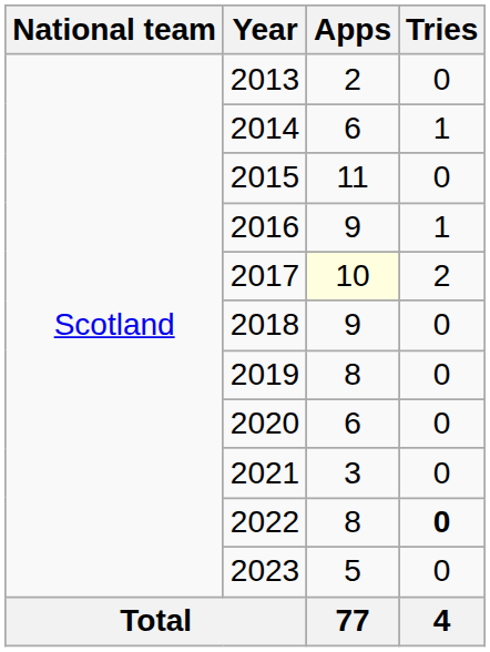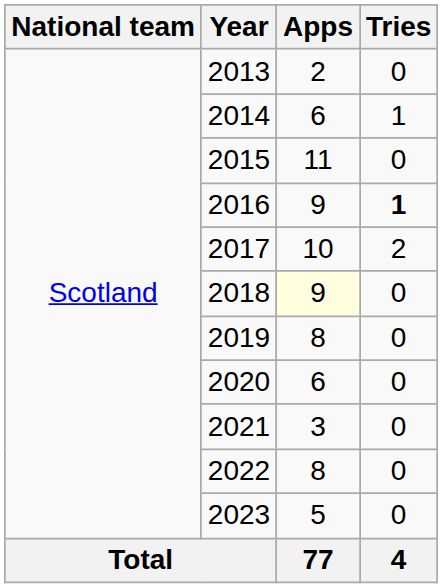 <table class=wikitable style="text-align:center">
 <tr>
 <th>National team</th>
 <th>Year</th>
 <th>Apps</th>
 <th>Tries</th>
 </tr>
 <tr>
 <td rowspan="11"><a href='#'>Scotland</a></td>
 <td>2013</td>
 <td>2</td>
 <td>0</td>
 </tr>
 <tr>
 <td>2014</td>
 <td>6</td>
 <td>1</td>
 </tr>
 <tr>
 <td>2015</td>
 <td>11</td>
 <td>0</td>
 </tr>
 <tr>
 <td>2016</td>
 <td>9</td>
-<td>1</td>
+<td><strong>1</strong></td>
 </tr>
 <tr>
 <td>2017</td>
-<td style="background: lightyellow;">10</td>
+<td>10</td>
 <td>2</td>
 </tr>
 <tr>
 <td>2018</td>
-<td>9</td>
+<td style="background: lightyellow;">9</td>
 <td>0</td>
 </tr>
 <tr>
 <td>2019</td>
 <td>8</td>
 <td>0</td>
 </tr>
 <tr>
 <td>2020</td>
 <td>6</td>
 <td>0</td>
 </tr>
 <tr>
 <td>2021</td>
 <td>3</td>
 <td>0</td>
 </tr>
 <tr>
 <td>2022</td>
 <td>8</td>
-<td><strong>0</strong></td>
+<td>0</td>
 </tr>
 <tr>
 <td>2023</td>
 <td>5</td>
 <td>0</td>
 </tr>
 <tr>
 <th colspan="2">Total</th>
 <th>77</th>
 <th>4</th>
 </tr>
 </table>
